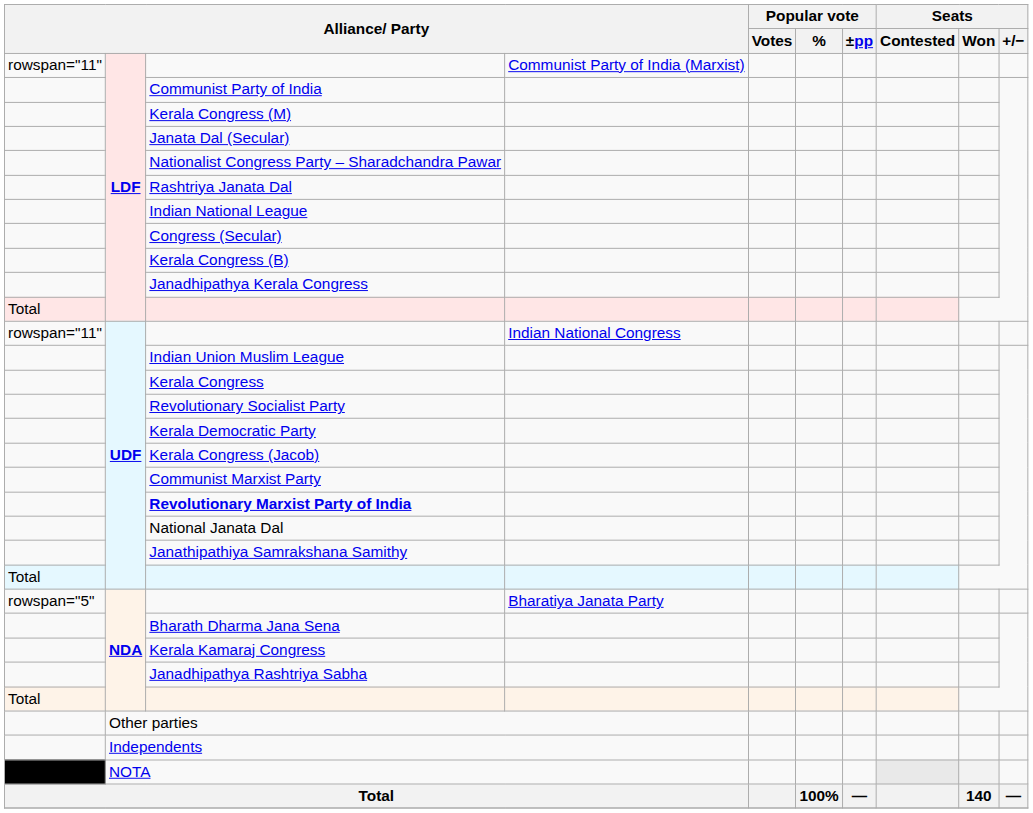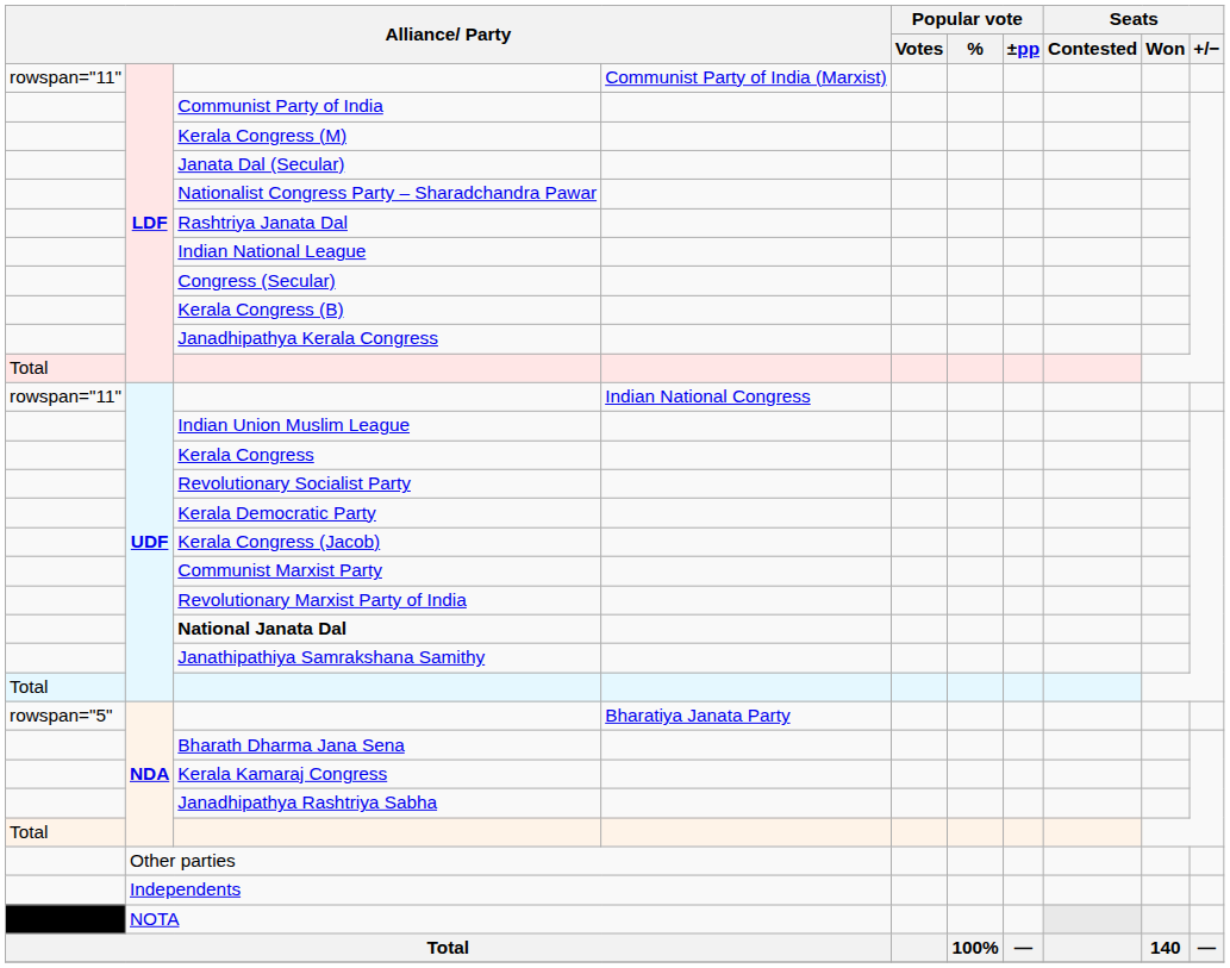 <table class="wikitable sortable">
 <tr>
 <th colspan="4" rowspan="2">Alliance/ Party</th>
 <th colspan="3">Popular vote</th>
 <th colspan="3">Seats</th>
 </tr>
 <tr>
 <th>Votes</th>
 <th>%</th>
 <th>±<a href='#'>pp</a></th>
 <th>Contested</th>
 <th>Won</th>
 <th><strong>+/−</strong></th>
 </tr>
 <tr>
 <td>rowspan="11" </td>
 <th rowspan="11" style="background:#FFE6E6"><a href='#'>LDF</a></th>
 <td></td>
 <td><a href='#'>Communist Party of India (Marxist)</a></td>
 <td></td>
 <td></td>
 <td></td>
 <td></td>
 <td></td>
 <td></td>
 </tr>
 <tr>
 <td></td>
 <td><a href='#'>Communist Party of India</a></td>
 <td></td>
 <td></td>
 <td></td>
 <td></td>
 <td></td>
 <td></td>
 </tr>
 <tr>
 <td></td>
 <td><a href='#'>Kerala Congress (M)</a></td>
 <td></td>
 <td></td>
 <td></td>
 <td></td>
 <td></td>
 <td></td>
 </tr>
 <tr>
 <td></td>
 <td><a href='#'>Janata Dal (Secular)</a></td>
 <td></td>
 <td></td>
 <td></td>
 <td></td>
 <td></td>
 <td></td>
 </tr>
 <tr>
 <td></td>
 <td><a href='#'>Nationalist Congress Party – Sharadchandra Pawar</a></td>
 <td></td>
 <td></td>
 <td></td>
 <td></td>
 <td></td>
 <td></td>
 </tr>
 <tr>
 <td></td>
 <td><a href='#'>Rashtriya Janata Dal</a></td>
 <td></td>
 <td></td>
 <td></td>
 <td></td>
 <td></td>
 <td></td>
 </tr>
 <tr>
 <td></td>
 <td><a href='#'>Indian National League</a></td>
 <td></td>
 <td></td>
 <td></td>
 <td></td>
 <td></td>
 <td></td>
 </tr>
 <tr>
 <td></td>
 <td><a href='#'>Congress (Secular)</a></td>
 <td></td>
 <td></td>
 <td></td>
 <td></td>
 <td></td>
 <td></td>
 </tr>
 <tr>
 <td></td>
 <td><a href='#'>Kerala Congress (B)</a></td>
 <td></td>
 <td></td>
 <td></td>
 <td></td>
 <td></td>
 <td></td>
 </tr>
 <tr>
 <td></td>
 <td><a href='#'>Janadhipathya Kerala Congress</a></td>
 <td></td>
 <td></td>
 <td></td>
 <td></td>
 <td></td>
 <td></td>
 </tr>
 <tr>
 <td colspan="2"style="background:#FFE6E6">Total</td>
 <td style="color:inherit;background:#FFE6E6"></td>
 <td style="color:inherit;background:#FFE6E6"></td>
 <td style="color:inherit;background:#FFE6E6"></td>
 <td style="color:inherit;background:#FFE6E6"></td>
 <td style="color:inherit;background:#FFE6E6"></td>
 <td style="color:inherit;background:#FFE6E6"></td>
 </tr>
 <tr>
 <td>rowspan="11" </td>
 <th rowspan="11" style="background:#E5F8FF"><a href='#'>UDF</a></th>
 <td></td>
 <td><a href='#'>Indian National Congress</a></td>
 <td></td>
 <td></td>
 <td></td>
 <td></td>
 <td></td>
 <td></td>
 </tr>
 <tr>
 <td></td>
 <td><a href='#'>Indian Union Muslim League</a></td>
 <td></td>
 <td></td>
 <td></td>
 <td></td>
 <td></td>
 <td></td>
 </tr>
 <tr>
 <td></td>
 <td><a href='#'>Kerala Congress</a></td>
 <td></td>
 <td></td>
 <td></td>
 <td></td>
 <td></td>
 <td></td>
 </tr>
 <tr>
 <td></td>
 <td><a href='#'>Revolutionary Socialist Party</a></td>
 <td></td>
 <td></td>
 <td></td>
 <td></td>
 <td></td>
 <td></td>
 </tr>
 <tr>
 <td></td>
 <td><a href='#'>Kerala Democratic Party</a></td>
 <td></td>
 <td></td>
 <td></td>
 <td></td>
 <td></td>
 <td></td>
 </tr>
 <tr>
 <td></td>
 <td><a href='#'>Kerala Congress (Jacob)</a></td>
 <td></td>
 <td></td>
 <td></td>
 <td></td>
 <td></td>
 <td></td>
 </tr>
 <tr>
 <td></td>
 <td><a href='#'>Communist Marxist Party</a></td>
 <td></td>
 <td></td>
 <td></td>
 <td></td>
 <td></td>
 <td></td>
 </tr>
 <tr>
 <td></td>
-<td><strong><a href='#'>Revolutionary Marxist Party of India</a></strong></td>
+<td><a href='#'>Revolutionary Marxist Party of India</a></td>
 <td></td>
 <td></td>
 <td></td>
 <td></td>
 <td></td>
 <td></td>
 </tr>
 <tr>
 <td></td>
-<td>National Janata Dal</td>
+<td><strong>National Janata Dal</strong></td>
 <td></td>
 <td></td>
 <td></td>
 <td></td>
 <td></td>
 <td></td>
 </tr>
 <tr>
 <td></td>
 <td><a href='#'>Janathipathiya Samrakshana Samithy</a></td>
 <td></td>
 <td></td>
 <td></td>
 <td></td>
 <td></td>
 <td></td>
 </tr>
 <tr>
 <td colspan="2"style="background:#E5F8FF">Total</td>
 <td style="color:inherit;background:#E5F8FF"></td>
 <td style="color:inherit;background:#E5F8FF"></td>
 <td style="color:inherit;background:#E5F8FF"></td>
 <td style="color:inherit;background:#E5F8FF"></td>
 <td style="color:inherit;background:#E5F8FF"></td>
 <td style="color:inherit;background:#E5F8FF"></td>
 </tr>
 <tr>
 <td>rowspan="5" </td>
 <th rowspan="5" style="background:#fef3e8"><a href='#'>NDA</a></th>
 <td></td>
 <td><a href='#'>Bharatiya Janata Party</a></td>
 <td></td>
 <td></td>
 <td></td>
 <td></td>
 <td></td>
 <td></td>
 </tr>
 <tr>
 <td></td>
 <td><a href='#'>Bharath Dharma Jana Sena</a></td>
 <td></td>
 <td></td>
 <td></td>
 <td></td>
 <td></td>
 <td></td>
 </tr>
 <tr>
 <td></td>
 <td><a href='#'>Kerala Kamaraj Congress</a></td>
 <td></td>
 <td></td>
 <td></td>
 <td></td>
 <td></td>
 <td></td>
 </tr>
 <tr>
 <td></td>
 <td><a href='#'>Janadhipathya Rashtriya Sabha</a></td>
 <td></td>
 <td></td>
 <td></td>
 <td></td>
 <td></td>
 <td></td>
 </tr>
 <tr>
 <td colspan="2"style="background:#fef3e8">Total</td>
 <td style="color:inherit;background:#fef3e8"></td>
 <td style="color:inherit;background:#fef3e8"></td>
 <td style="color:inherit;background:#fef3e8"></td>
 <td style="color:inherit;background:#fef3e8"></td>
 <td style="color:inherit;background:#fef3e8"></td>
 <td style="color:inherit;background:#fef3e8"></td>
 </tr>
 <tr>
 <td></td>
 <td colspan="3">Other parties</td>
 <td></td>
 <td></td>
 <td></td>
 <td></td>
 <td></td>
 <td></td>
 </tr>
 <tr>
 <td></td>
 <td colspan="3"><a href='#'>Independents</a></td>
 <td></td>
 <td></td>
 <td></td>
 <td></td>
 <td></td>
 <td></td>
 </tr>
 <tr>
 <td style="background:Black; color:White"></td>
 <td colspan="3"><a href='#'>NOTA</a></td>
 <td></td>
 <td></td>
 <td></td>
 <th style="background-color:#E9E9E9"></th>
 <th></th>
 <td></td>
 </tr>
 <tr>
 <th colspan="4">Total</th>
 <th></th>
 <th>100%</th>
 <th>—</th>
 <th></th>
 <th>140</th>
 <th>—</th>
 </tr>
 <tr>
 </tr>
 </table>
